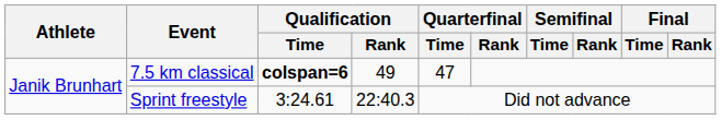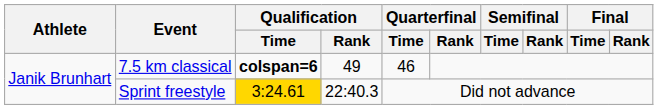 <table class="wikitable" style="font-size:90%">
 <tr>
 <th rowspan="2">Athlete</th>
 <th rowspan="2">Event</th>
 <th colspan="2">Qualification</th>
 <th colspan="2">Quarterfinal</th>
 <th colspan="2">Semifinal</th>
 <th colspan="2">Final</th>
 </tr>
 <tr style="font-size:95%">
 <th>Time</th>
 <th>Rank</th>
 <th>Time</th>
 <th>Rank</th>
 <th>Time</th>
 <th>Rank</th>
 <th>Time</th>
 <th>Rank</th>
 </tr>
 <tr align=center>
 <td align=left rowspan=2><a href='#'>Janik Brunhart</a></td>
 <td align=left><a href='#'>7.5 km classical</a></td>
 <td><strong>colspan=6</strong></td>
 <td>49</td>
-<td>47</td>
+<td>46</td>
 </tr>
 <tr align=center>
 <td align=left><a href='#'>Sprint freestyle</a></td>
-<td>3:24.61</td>
+<td style="background: gold;">3:24.61</td>
 <td>22:40.3</td>
 <td colspan=6>Did not advance</td>
 </tr>
 </table>
